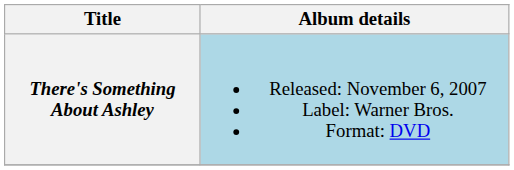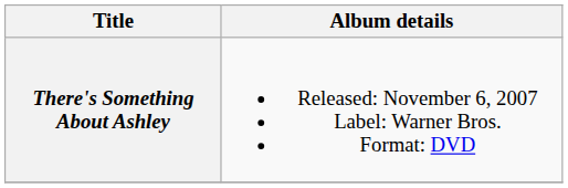 <table class="wikitable plainrowheaders" style="text-align:center;" border="1">
 <tr>
 <th scope="col" rowspan="1" style="width:10em;">Title</th>
 <th scope="col" rowspan="1"style="width:16em;">Album details</th>
 </tr>
 <tr>
 <th scope="row"><em>There's Something About Ashley</em></th>
-<td style="background: lightblue;"><br><ul><li>Released: November 6, 2007</li><li>Label: Warner Bros.</li><li>Format: <a href='#'>DVD</a></li></ul></td>
+<td><br><ul><li>Released: November 6, 2007</li><li>Label: Warner Bros.</li><li>Format: <a href='#'>DVD</a></li></ul></td>
 </tr>
 <tr>
 </tr>
 </table>
